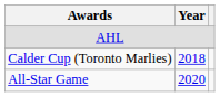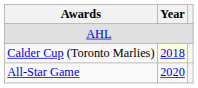 <table class="wikitable">
 <tr>
 <th>Awards</th>
 <th>Year</th>
 <th></th>
 </tr>
 <tr ALIGN="center" bgcolor="#e0e0e0">
 <td colspan="3"><a href='#'>AHL</a></td>
 </tr>
 <tr>
 <td><a href='#'>Calder Cup</a> (Toronto Marlies)</td>
-<td><a href='#'>2018</a></td>
+<td style="background: lightyellow;"><a href='#'>2018</a></td>
 <td></td>
 </tr>
 <tr>
 <td><a href='#'>All-Star Game</a></td>
 <td><a href='#'>2020</a></td>
 <td></td>
 </tr>
 </table>
